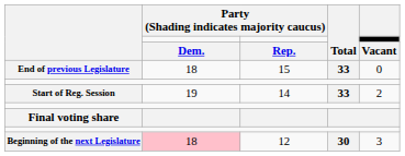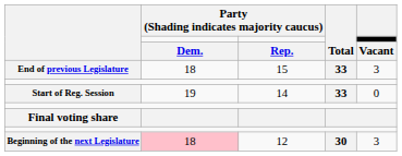 <table class=wikitable style="text-align:center">
 <tr style="vertical-align:bottom;">
 <th rowspan=3></th>
 <th colspan=2>Party <div>(Shading indicates majority caucus)</div></th>
 <th rowspan=3>Total</th>
 <th></th>
 </tr>
 <tr style="height:5px">
 <td style="background-color:"></td>
 <td style="background-color:"></td>
 <td style="background:black;"></td>
 </tr>
 <tr>
 <th><a href='#'>Dem.</a></th>
 <th><a href='#'>Rep.</a></th>
 <th>Vacant</th>
 </tr>
 <tr>
 <th style="font-size:80%;">End of <a href='#'>previous Legislature</a></th>
 <td>18</td>
 <td>15</td>
 <th>33</th>
-<td>0</td>
+<td>3</td>
 </tr>
 <tr>
 <td colspan=5></td>
 </tr>
 <tr>
 <th style="font-size:80%;">Start of Reg. Session</th>
 <td>19</td>
 <td>14</td>
 <th>33</th>
-<td>2</td>
+<td>0</td>
 </tr>
 <tr>
 <td colspan=5></td>
 </tr>
 <tr>
 <th>Final voting share</th>
 <th></th>
 <th></th>
 <th colspan=2></th>
 </tr>
 <tr>
 <td colspan=5></td>
 </tr>
 <tr>
 <th style="font-size:80%;">Beginning of the <a href='#'>next Legislature</a></th>
 <td style="background: pink;">18</td>
 <td>12</td>
 <th>30</th>
 <td>3</td>
 </tr>
 </table>
